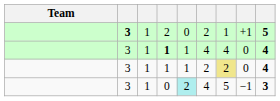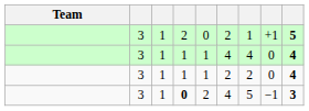 <table class="wikitable" style="text-align:center;">
 <tr>
 <th width=150>Team</th>
 <th width=20></th>
 <th width=20></th>
 <th width=20></th>
 <th width=20></th>
 <th width=20></th>
 <th width=20></th>
 <th width=20></th>
 <th width=20></th>
 </tr>
 <tr bgcolor="#ccffcc">
 <td align=left></td>
-<td><strong>3</strong></td>
+<td>3</td>
 <td>1</td>
 <td>2</td>
 <td>0</td>
 <td>2</td>
 <td>1</td>
 <td>+1</td>
 <td><strong>5</strong></td>
 </tr>
 <tr bgcolor="#ccffcc">
 <td align=left></td>
 <td>3</td>
 <td>1</td>
-<td><strong>1</strong></td>
+<td>1</td>
 <td>1</td>
 <td>4</td>
 <td>4</td>
 <td>0</td>
 <td><strong>4</strong></td>
 </tr>
 <tr>
 <td align=left></td>
 <td>3</td>
 <td>1</td>
 <td>1</td>
 <td>1</td>
 <td>2</td>
-<td style="background: khaki;">2</td>
+<td>2</td>
 <td>0</td>
 <td><strong>4</strong></td>
 </tr>
 <tr>
 <td align=left></td>
 <td>3</td>
 <td>1</td>
-<td>0</td>
-<td style="background: paleturquoise;">2</td>
+<td><strong>0</strong></td>
+<td>2</td>
 <td>4</td>
 <td>5</td>
 <td>−1</td>
 <td><strong>3</strong></td>
 </tr>
 </table>
